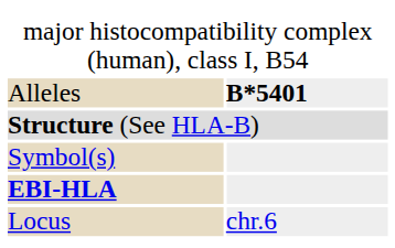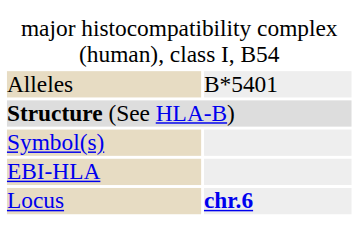 <table id="drugInfoBox" style="float: right; clear: right; margin: 0 0 0.5em 1em; background: #ffffff;" class="toccolours" border=0 cellpadding=0 align=right width="240px">
 <tr>
 <td align="center" colspan="3"></td>
 </tr>
 <tr style="text-align: center; line-height: 1.00;background:#eeeeee">
 <td colspan="3" color="white"></td>
 </tr>
 <tr>
 <td align="center" colspan="2"></td>
 </tr>
 <tr>
 <td align="center" colspan="2"><div>major histocompatibility complex (human), class I, B54</div></td>
 </tr>
 <tr>
 <td bgcolor="#e7dcc3">Alleles</td>
-<td bgcolor="#eeeeee"><strong>B*5401<br></strong></td>
+<td bgcolor="#eeeeee">B*5401<br></td>
 </tr>
 <tr>
 <td colspan="2" bgcolor="#dddddd"><strong>Structure</strong> (See <a href='#'>HLA-B</a>)</td>
 </tr>
 <tr>
 <td bgcolor="#e7dcc3"><a href='#'>Symbol(s)</a></td>
 <td bgcolor="#eeeeee"></td>
 </tr>
 <tr>
-<td bgcolor="#e7dcc3"><strong><a href='#'>EBI-HLA</a></strong></td>
+<td bgcolor="#e7dcc3"><a href='#'>EBI-HLA</a></td>
 <td bgcolor="#eeeeee"></td>
 </tr>
 <tr>
 <td bgcolor="#e7dcc3"><a href='#'>Locus</a></td>
-<td bgcolor="#eeeeee"><a href='#'>chr.6</a> <em></em></td>
+<td bgcolor="#eeeeee"><strong><a href='#'>chr.6</a> <em></em></strong></td>
 </tr>
 <tr>
 </tr>
 </table>
